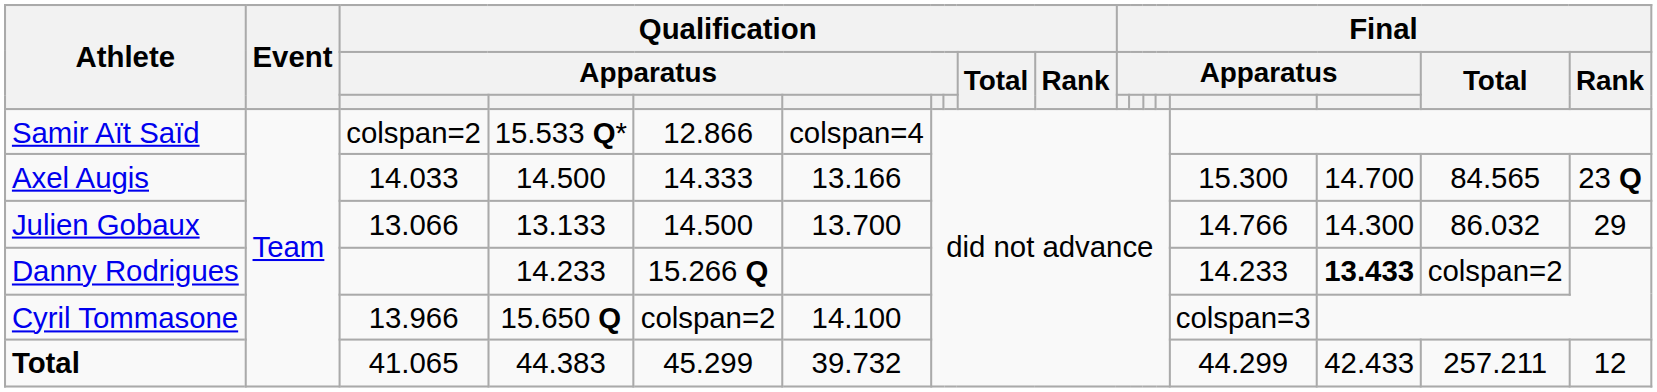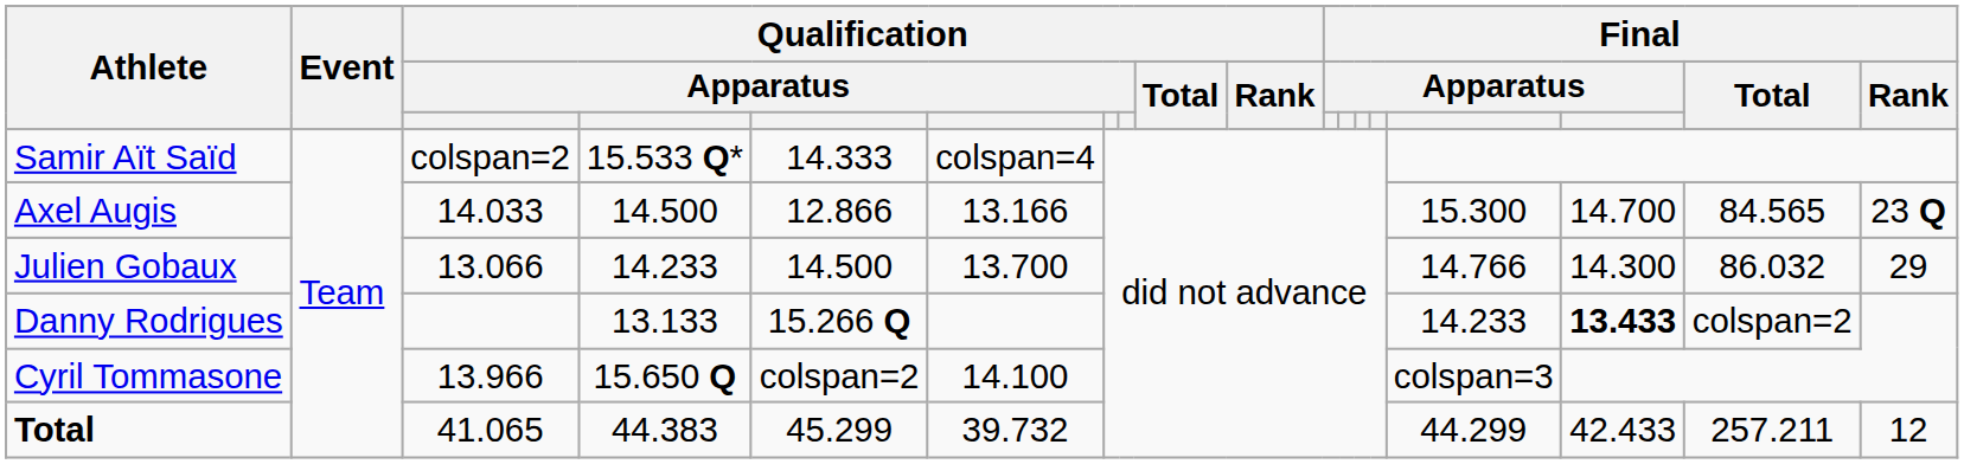 <table class="wikitable" style="font-size:90%">
 <tr>
 <th rowspan=3>Athlete</th>
 <th rowspan=3>Event</th>
 <th colspan =8>Qualification</th>
 <th colspan =8>Final</th>
 </tr>
 <tr style="font-size:95%">
 <th colspan=6>Apparatus</th>
 <th rowspan=2>Total</th>
 <th rowspan=2>Rank</th>
 <th colspan=6>Apparatus</th>
 <th rowspan=2>Total</th>
 <th rowspan=2>Rank</th>
 </tr>
 <tr style="font-size:95%">
 <th></th>
 <th></th>
 <th></th>
 <th></th>
 <th></th>
 <th></th>
 <th></th>
 <th></th>
 <th></th>
 <th></th>
 <th></th>
 <th></th>
 </tr>
 <tr align=center>
 <td align=left><a href='#'>Samir Aït Saïd</a></td>
 <td style="text-align:left;" rowspan="6"><a href='#'>Team</a></td>
 <td>colspan=2 </td>
 <td>15.533 <strong>Q</strong>*</td>
-<td>12.866</td>
+<td>14.333</td>
 <td>colspan=4 </td>
 <td rowspan=6 colspan=8>did not advance</td>
 </tr>
 <tr align=center>
 <td align=left><a href='#'>Axel Augis</a></td>
 <td>14.033</td>
 <td>14.500</td>
-<td>14.333</td>
+<td>12.866</td>
 <td>13.166</td>
 <td>15.300</td>
 <td>14.700</td>
 <td>84.565</td>
 <td>23 <strong>Q</strong></td>
 </tr>
 <tr align=center>
 <td align=left><a href='#'>Julien Gobaux</a></td>
 <td>13.066</td>
-<td>13.133</td>
+<td>14.233</td>
 <td>14.500</td>
 <td>13.700</td>
 <td>14.766</td>
 <td>14.300</td>
 <td>86.032</td>
 <td>29</td>
 </tr>
 <tr align=center>
 <td align=left><a href='#'>Danny Rodrigues</a></td>
 <td></td>
-<td>14.233</td>
+<td>13.133</td>
 <td>15.266 <strong>Q</strong></td>
 <td></td>
 <td>14.233</td>
 <td><strong>13.433</strong></td>
 <td>colspan=2 </td>
 </tr>
 <tr align=center>
 <td align=left><a href='#'>Cyril Tommasone</a></td>
 <td>13.966</td>
 <td>15.650 <strong>Q</strong></td>
 <td>colspan=2 </td>
 <td>14.100</td>
 <td>colspan=3 </td>
 </tr>
 <tr align=center>
 <td align=left><strong>Total</strong></td>
 <td>41.065</td>
 <td>44.383</td>
 <td>45.299</td>
 <td>39.732</td>
 <td>44.299</td>
 <td>42.433</td>
 <td>257.211</td>
 <td>12</td>
 </tr>
 </table>
